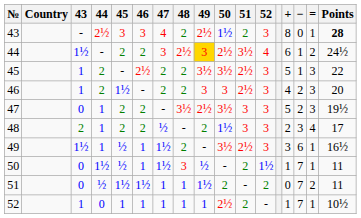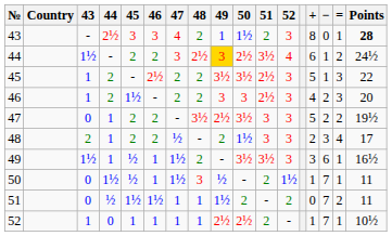 <table class="wikitable" style="text-align:center">
 <tr>
 <th>№</th>
 <th>Country</th>
 <th>43</th>
 <th>44</th>
 <th>45</th>
 <th>46</th>
 <th>47</th>
 <th>48</th>
 <th>49</th>
 <th>50</th>
 <th>51</th>
 <th>52</th>
 <th></th>
 <th>+</th>
 <th>−</th>
 <th>=</th>
 <th>Points</th>
 </tr>
 <tr>
 <td>43</td>
 <td style="text-align: left"></td>
 <td>-</td>
 <td style="color:red;">2½</td>
 <td style="color:red;">3</td>
 <td style="color:red;">3</td>
 <td style="color:red;">4</td>
 <td style="color:green;">2</td>
-<td style="color:red;">2½</td>
+<td style="color:blue;">1</td>
 <td style="color:blue;">1½</td>
 <td style="color:green;">2</td>
 <td style="color:red;">3</td>
 <th></th>
 <td>8</td>
 <td>0</td>
 <td>1</td>
 <td><strong>28 </strong></td>
 </tr>
 <tr>
 <td>44</td>
 <td style="text-align: left"></td>
 <td style="color:blue;">1½</td>
 <td>-</td>
 <td style="color:green;">2</td>
 <td style="color:green;">2</td>
 <td style="color:red;">3</td>
 <td style="color:red;">2½</td>
 <td style="background: gold; color:red;">3</td>
 <td style="color:red;">2½</td>
 <td style="color:red;">3½</td>
 <td style="color:red;">4</td>
 <th></th>
 <td>6</td>
 <td>1</td>
 <td>2</td>
 <td>24½</td>
 </tr>
 <tr>
 <td>45</td>
 <td style="text-align: left"></td>
 <td style="color:blue;">1</td>
 <td style="color:green;">2</td>
 <td>-</td>
 <td style="color:red;">2½</td>
 <td style="color:green;">2</td>
 <td style="color:green;">2</td>
 <td style="color:red;">3½</td>
 <td style="color:red;">3½</td>
 <td style="color:red;">2½</td>
 <td style="color:red;">3</td>
 <th></th>
 <td>5</td>
 <td>1</td>
 <td>3</td>
 <td>22</td>
 </tr>
 <tr>
 <td>46</td>
 <td style="text-align: left"></td>
 <td style="color:blue;">1</td>
 <td style="color:green;">2</td>
 <td style="color:blue;">1½</td>
 <td>-</td>
 <td style="color:green;">2</td>
 <td style="color:green;">2</td>
 <td style="color:red;">3</td>
 <td style="color:red;">3</td>
 <td style="color:red;">2½</td>
 <td style="color:red;">3</td>
 <th></th>
 <td>4</td>
 <td>2</td>
 <td>3</td>
 <td>20</td>
 </tr>
 <tr>
 <td>47</td>
 <td style="text-align: left"></td>
 <td style="color:blue;">0</td>
 <td style="color:blue;">1</td>
 <td style="color:green;">2</td>
 <td style="color:green;">2</td>
 <td>-</td>
 <td style="color:red;">3½</td>
 <td style="color:red;">2½</td>
 <td style="color:red;">3½</td>
 <td style="color:red;">3</td>
 <td style="color:red;">3</td>
 <th></th>
 <td>5</td>
 <td>2</td>
-<td>3</td>
+<td>2</td>
 <td>19½</td>
 </tr>
 <tr>
 <td>48</td>
 <td style="text-align: left"></td>
 <td style="color:green;">2</td>
 <td style="color:blue;">1</td>
 <td style="color:green;">2</td>
 <td style="color:green;">2</td>
 <td style="color:blue;">½</td>
 <td>-</td>
 <td style="color:green;">2</td>
 <td style="color:blue;">1½</td>
 <td style="color:red;">3</td>
 <td style="color:red;">3</td>
 <th></th>
 <td>2</td>
 <td>3</td>
 <td>4</td>
 <td>17</td>
 </tr>
 <tr>
 <td>49</td>
 <td style="text-align: left"></td>
 <td style="color:blue;">1½</td>
 <td style="color:blue;">1</td>
 <td style="color:blue;">½</td>
 <td style="color:blue;">1</td>
 <td style="color:blue;">1½</td>
 <td style="color:green;">2</td>
 <td>-</td>
 <td style="color:red;">3½</td>
-<td style="color:red;">2½</td>
+<td style="color:red;">3½</td>
 <td style="color:red;">3</td>
 <th></th>
 <td>3</td>
 <td>6</td>
 <td>1</td>
 <td>16½</td>
 </tr>
 <tr>
 <td>50</td>
 <td style="text-align: left"></td>
 <td style="color:blue;">0</td>
 <td style="color:blue;">1½</td>
 <td style="color:blue;">½</td>
 <td style="color:blue;">1</td>
 <td style="color:blue;">1½</td>
 <td style="color:red;">3</td>
 <td style="color:blue;">½</td>
 <td>-</td>
 <td style="color:green;">2</td>
 <td style="color:blue;">1½</td>
 <th></th>
 <td>1</td>
 <td>7</td>
 <td>1</td>
 <td>11</td>
 </tr>
 <tr>
 <td>51</td>
 <td style="text-align: left"></td>
 <td style="color:blue;">0</td>
 <td style="color:blue;">½</td>
 <td style="color:blue;">1½</td>
 <td style="color:blue;">1½</td>
 <td style="color:blue;">1</td>
 <td style="color:blue;">1</td>
 <td style="color:blue;">1½</td>
 <td style="color:green;">2</td>
 <td>-</td>
 <td style="color:green;">2</td>
 <th></th>
 <td>0</td>
 <td>7</td>
 <td>2</td>
 <td>11</td>
 </tr>
 <tr>
 <td>52</td>
 <td style="text-align: left"></td>
 <td style="color:blue;">1</td>
 <td style="color:blue;">0</td>
 <td style="color:blue;">1</td>
 <td style="color:blue;">1</td>
 <td style="color:blue;">1</td>
 <td style="color:blue;">1</td>
-<td style="color:blue;">1</td>
+<td style="color:red;">2½</td>
 <td style="color:red;">2½</td>
 <td style="color:green;">2</td>
 <td>-</td>
 <th></th>
 <td>1</td>
 <td>7</td>
 <td>1</td>
 <td>10½</td>
 </tr>
 </table>
